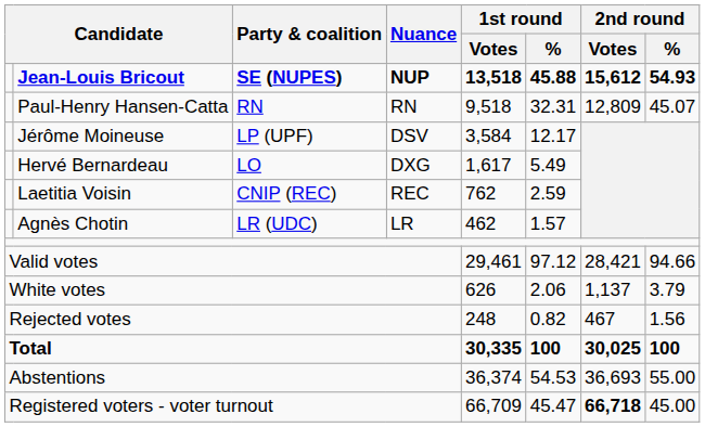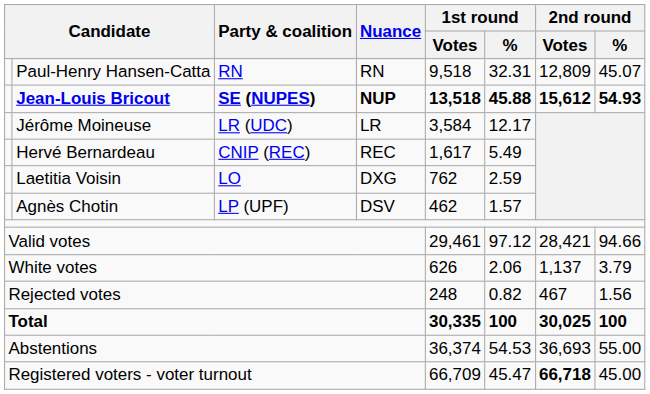 <table class="wikitable">
 <tr>
 <th colspan="2" rowspan="2">Candidate</th>
 <th rowspan="2">Party & coalition</th>
 <th rowspan="2"><a href='#'>Nuance</a></th>
 <th colspan="2">1st round</th>
 <th colspan="2">2nd round</th>
 </tr>
 <tr>
 <th>Votes</th>
 <th>%</th>
 <th>Votes</th>
 <th>%</th>
 </tr>
 <tr>
 <td style="background:"></td>
+<td>Paul-Henry Hansen-Catta</td>
+<td><a href='#'>RN</a></td>
+<td>RN</td>
+<td>9,518</td>
+<td>32.31</td>
+<td>12,809</td>
+<td>45.07</td>
+</tr>
+<tr>
+<td style="background:"></td>
 <td><strong><a href='#'>Jean-Louis Bricout</a></strong></td>
 <td><strong><a href='#'>SE</a> (<a href='#'>NUPES</a>)</strong></td>
 <td><strong>NUP</strong></td>
 <td><strong>13,518</strong></td>
 <td><strong>45.88</strong></td>
 <td><strong>15,612</strong></td>
 <td><strong>54.93</strong></td>
 </tr>
 <tr>
 <td style="background:"></td>
-<td>Paul-Henry Hansen-Catta</td>
-<td><a href='#'>RN</a></td>
-<td>RN</td>
-<td>9,518</td>
-<td>32.31</td>
-<td>12,809</td>
-<td>45.07</td>
-</tr>
-<tr>
-<td style="background:"></td>
 <td>Jérôme Moineuse</td>
-<td><a href='#'>LP</a> (<abbr>UPF</abbr>)</td>
-<td>DSV</td>
+<td><a href='#'>LR</a> (<a href='#'>UDC</a>)</td>
+<td>LR</td>
 <td>3,584</td>
 <td>12.17</td>
 <th colspan="2" rowspan="4"></th>
 </tr>
 <tr>
 <td style="background:"></td>
 <td>Hervé Bernardeau</td>
-<td><a href='#'>LO</a></td>
-<td>DXG</td>
+<td><a href='#'>CNIP</a> (<a href='#'>REC</a>)</td>
+<td>REC</td>
 <td>1,617</td>
 <td>5.49</td>
 </tr>
 <tr>
 <td style="background:"></td>
 <td>Laetitia Voisin</td>
-<td><a href='#'>CNIP</a> (<a href='#'>REC</a>)</td>
-<td>REC</td>
+<td><a href='#'>LO</a></td>
+<td>DXG</td>
 <td>762</td>
 <td>2.59</td>
 </tr>
 <tr>
 <td style="background:"></td>
 <td>Agnès Chotin</td>
-<td><a href='#'>LR</a> (<a href='#'>UDC</a>)</td>
-<td>LR</td>
+<td><a href='#'>LP</a> (<abbr>UPF</abbr>)</td>
+<td>DSV</td>
 <td>462</td>
 <td>1.57</td>
 </tr>
 <tr>
 <td colspan="8"></td>
 </tr>
 <tr>
 <td colspan="4">Valid votes</td>
 <td>29,461</td>
 <td>97.12</td>
 <td>28,421</td>
 <td>94.66</td>
 </tr>
 <tr>
 <td colspan="4">White votes</td>
 <td>626</td>
 <td>2.06</td>
 <td>1,137</td>
 <td>3.79</td>
 </tr>
 <tr>
 <td colspan="4">Rejected votes</td>
 <td>248</td>
 <td>0.82</td>
 <td>467</td>
 <td>1.56</td>
 </tr>
 <tr>
 <td colspan="4"><strong>Total</strong></td>
 <td><strong>30,335</strong></td>
 <td><strong>100</strong></td>
 <td><strong>30,025</strong></td>
 <td><strong>100</strong></td>
 </tr>
 <tr>
 <td colspan="4">Abstentions</td>
 <td>36,374</td>
 <td>54.53</td>
 <td>36,693</td>
 <td>55.00</td>
 </tr>
 <tr>
 <td colspan="4">Registered voters - voter turnout</td>
 <td>66,709</td>
 <td>45.47</td>
 <td><strong>66,718</strong></td>
 <td>45.00</td>
 </tr>
 </table>
